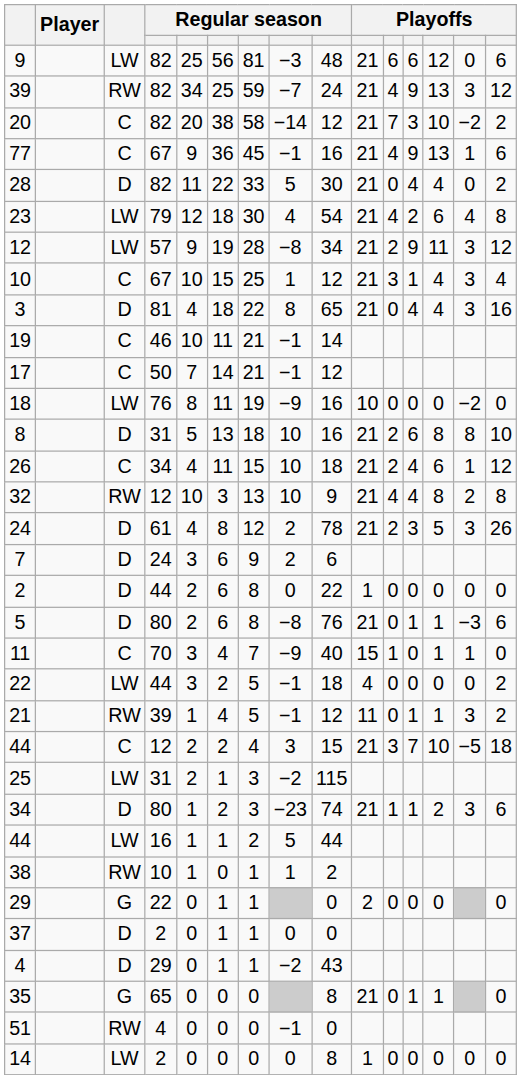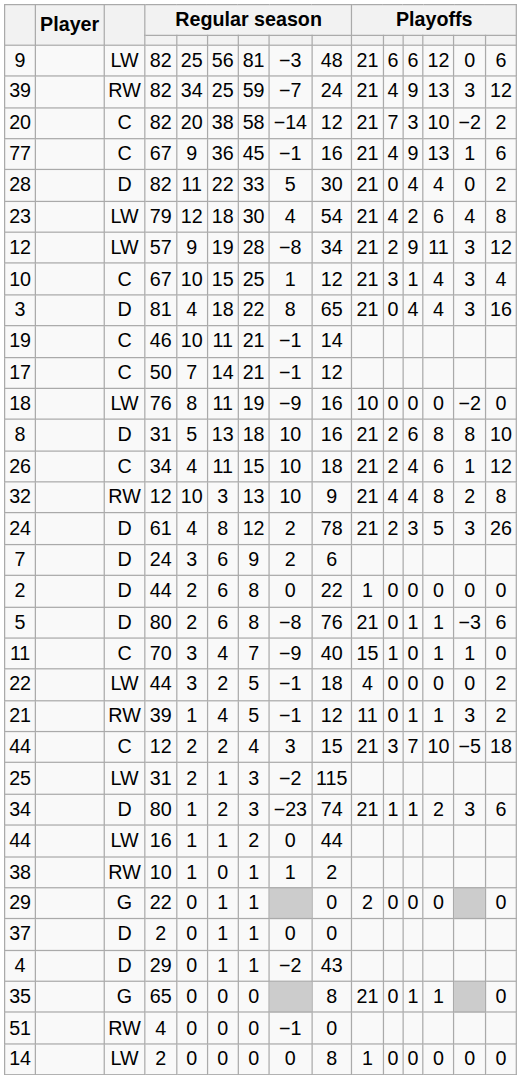 <table class="wikitable sortable plainrowheaders" style="text-align:center;">
 <tr>
 <th scope="col" data-sort-type="number" rowspan="2"></th>
 <th scope="col" rowspan="2">Player</th>
 <th scope="col" rowspan="2"></th>
 <th scope=colgroup colspan=6>Regular season</th>
 <th scope=colgroup colspan=6>Playoffs</th>
 </tr>
 <tr>
 <th scope="col" data-sort-type="number"></th>
 <th scope="col" data-sort-type="number"></th>
 <th scope="col" data-sort-type="number"></th>
 <th scope="col" data-sort-type="number"></th>
 <th scope="col" data-sort-type="number"></th>
 <th scope="col" data-sort-type="number"></th>
 <th scope="col" data-sort-type="number"></th>
 <th scope="col" data-sort-type="number"></th>
 <th scope="col" data-sort-type="number"></th>
 <th scope="col" data-sort-type="number"></th>
 <th scope="col" data-sort-type="number"></th>
 <th scope="col" data-sort-type="number"></th>
 </tr>
 <tr>
 <td scope="row">9</td>
 <td align="left"></td>
 <td>LW</td>
 <td>82</td>
 <td>25</td>
 <td>56</td>
 <td>81</td>
 <td>−3</td>
 <td>48</td>
 <td>21</td>
 <td>6</td>
 <td>6</td>
 <td>12</td>
 <td>0</td>
 <td>6</td>
 </tr>
 <tr>
 <td scope="row">39</td>
 <td align="left"></td>
 <td>RW</td>
 <td>82</td>
 <td>34</td>
 <td>25</td>
 <td>59</td>
 <td>−7</td>
 <td>24</td>
 <td>21</td>
 <td>4</td>
 <td>9</td>
 <td>13</td>
 <td>3</td>
 <td>12</td>
 </tr>
 <tr>
 <td scope="row">20</td>
 <td align="left"></td>
 <td>C</td>
 <td>82</td>
 <td>20</td>
 <td>38</td>
 <td>58</td>
 <td>−14</td>
 <td>12</td>
 <td>21</td>
 <td>7</td>
 <td>3</td>
 <td>10</td>
 <td>−2</td>
 <td>2</td>
 </tr>
 <tr>
 <td scope="row">77</td>
 <td align="left"></td>
 <td>C</td>
 <td>67</td>
 <td>9</td>
 <td>36</td>
 <td>45</td>
 <td>−1</td>
 <td>16</td>
 <td>21</td>
 <td>4</td>
 <td>9</td>
 <td>13</td>
 <td>1</td>
 <td>6</td>
 </tr>
 <tr>
 <td scope="row">28</td>
 <td align="left"></td>
 <td>D</td>
 <td>82</td>
 <td>11</td>
 <td>22</td>
 <td>33</td>
 <td>5</td>
 <td>30</td>
 <td>21</td>
 <td>0</td>
 <td>4</td>
 <td>4</td>
 <td>0</td>
 <td>2</td>
 </tr>
 <tr>
 <td scope="row">23</td>
 <td align="left"></td>
 <td>LW</td>
 <td>79</td>
 <td>12</td>
 <td>18</td>
 <td>30</td>
 <td>4</td>
 <td>54</td>
 <td>21</td>
 <td>4</td>
 <td>2</td>
 <td>6</td>
 <td>4</td>
 <td>8</td>
 </tr>
 <tr>
 <td scope="row">12</td>
 <td align="left"></td>
 <td>LW</td>
 <td>57</td>
 <td>9</td>
 <td>19</td>
 <td>28</td>
 <td>−8</td>
 <td>34</td>
 <td>21</td>
 <td>2</td>
 <td>9</td>
 <td>11</td>
 <td>3</td>
 <td>12</td>
 </tr>
 <tr>
 <td scope="row">10</td>
 <td align="left"></td>
 <td>C</td>
 <td>67</td>
 <td>10</td>
 <td>15</td>
 <td>25</td>
 <td>1</td>
 <td>12</td>
 <td>21</td>
 <td>3</td>
 <td>1</td>
 <td>4</td>
 <td>3</td>
 <td>4</td>
 </tr>
 <tr>
 <td scope="row">3</td>
 <td align="left"></td>
 <td>D</td>
 <td>81</td>
 <td>4</td>
 <td>18</td>
 <td>22</td>
 <td>8</td>
 <td>65</td>
 <td>21</td>
 <td>0</td>
 <td>4</td>
 <td>4</td>
 <td>3</td>
 <td>16</td>
 </tr>
 <tr>
 <td scope="row">19</td>
 <td align="left"></td>
 <td>C</td>
 <td>46</td>
 <td>10</td>
 <td>11</td>
 <td>21</td>
 <td>−1</td>
 <td>14</td>
 <td></td>
 <td></td>
 <td></td>
 <td></td>
 <td></td>
 <td></td>
 </tr>
 <tr>
 <td scope="row">17</td>
 <td align="left"></td>
 <td>C</td>
 <td>50</td>
 <td>7</td>
 <td>14</td>
 <td>21</td>
 <td>−1</td>
 <td>12</td>
 <td></td>
 <td></td>
 <td></td>
 <td></td>
 <td></td>
 <td></td>
 </tr>
 <tr>
 <td scope="row">18</td>
 <td align="left"></td>
 <td>LW</td>
 <td>76</td>
 <td>8</td>
 <td>11</td>
 <td>19</td>
 <td>−9</td>
 <td>16</td>
 <td>10</td>
 <td>0</td>
 <td>0</td>
 <td>0</td>
 <td>−2</td>
 <td>0</td>
 </tr>
 <tr>
 <td scope="row">8</td>
 <td align="left"></td>
 <td>D</td>
 <td>31</td>
 <td>5</td>
 <td>13</td>
 <td>18</td>
 <td>10</td>
 <td>16</td>
 <td>21</td>
 <td>2</td>
 <td>6</td>
 <td>8</td>
 <td>8</td>
 <td>10</td>
 </tr>
 <tr>
 <td scope="row">26</td>
 <td align="left"></td>
 <td>C</td>
 <td>34</td>
 <td>4</td>
 <td>11</td>
 <td>15</td>
 <td>10</td>
 <td>18</td>
 <td>21</td>
 <td>2</td>
 <td>4</td>
 <td>6</td>
 <td>1</td>
 <td>12</td>
 </tr>
 <tr>
 <td scope="row">32</td>
 <td align="left"></td>
 <td>RW</td>
 <td>12</td>
 <td>10</td>
 <td>3</td>
 <td>13</td>
 <td>10</td>
 <td>9</td>
 <td>21</td>
 <td>4</td>
 <td>4</td>
 <td>8</td>
 <td>2</td>
 <td>8</td>
 </tr>
 <tr>
 <td scope="row">24</td>
 <td align="left"></td>
 <td>D</td>
 <td>61</td>
 <td>4</td>
 <td>8</td>
 <td>12</td>
 <td>2</td>
 <td>78</td>
 <td>21</td>
 <td>2</td>
 <td>3</td>
 <td>5</td>
 <td>3</td>
 <td>26</td>
 </tr>
 <tr>
 <td scope="row">7</td>
 <td align="left"></td>
 <td>D</td>
 <td>24</td>
 <td>3</td>
 <td>6</td>
 <td>9</td>
 <td>2</td>
 <td>6</td>
 <td></td>
 <td></td>
 <td></td>
 <td></td>
 <td></td>
 <td></td>
 </tr>
 <tr>
 <td scope="row">2</td>
 <td align="left"></td>
 <td>D</td>
 <td>44</td>
 <td>2</td>
 <td>6</td>
 <td>8</td>
 <td>0</td>
 <td>22</td>
 <td>1</td>
 <td>0</td>
 <td>0</td>
 <td>0</td>
 <td>0</td>
 <td>0</td>
 </tr>
 <tr>
 <td scope="row">5</td>
 <td align="left"></td>
 <td>D</td>
 <td>80</td>
 <td>2</td>
 <td>6</td>
 <td>8</td>
 <td>−8</td>
 <td>76</td>
 <td>21</td>
 <td>0</td>
 <td>1</td>
 <td>1</td>
 <td>−3</td>
 <td>6</td>
 </tr>
 <tr>
 <td scope="row">11</td>
 <td align="left"></td>
 <td>C</td>
 <td>70</td>
 <td>3</td>
 <td>4</td>
 <td>7</td>
 <td>−9</td>
 <td>40</td>
 <td>15</td>
 <td>1</td>
 <td>0</td>
 <td>1</td>
 <td>1</td>
 <td>0</td>
 </tr>
 <tr>
 <td scope="row">22</td>
 <td align="left"></td>
 <td>LW</td>
 <td>44</td>
 <td>3</td>
 <td>2</td>
 <td>5</td>
 <td>−1</td>
 <td>18</td>
 <td>4</td>
 <td>0</td>
 <td>0</td>
 <td>0</td>
 <td>0</td>
 <td>2</td>
 </tr>
 <tr>
 <td scope="row">21</td>
 <td align="left"></td>
 <td>RW</td>
 <td>39</td>
 <td>1</td>
 <td>4</td>
 <td>5</td>
 <td>−1</td>
 <td>12</td>
 <td>11</td>
 <td>0</td>
 <td>1</td>
 <td>1</td>
 <td>3</td>
 <td>2</td>
 </tr>
 <tr>
 <td scope="row">44</td>
 <td align="left"></td>
 <td>C</td>
 <td>12</td>
 <td>2</td>
 <td>2</td>
 <td>4</td>
 <td>3</td>
 <td>15</td>
 <td>21</td>
 <td>3</td>
 <td>7</td>
 <td>10</td>
 <td>−5</td>
 <td>18</td>
 </tr>
 <tr>
 <td scope="row">25</td>
 <td align="left"></td>
 <td>LW</td>
 <td>31</td>
 <td>2</td>
 <td>1</td>
 <td>3</td>
 <td>−2</td>
 <td>115</td>
 <td></td>
 <td></td>
 <td></td>
 <td></td>
 <td></td>
 <td></td>
 </tr>
 <tr>
 <td scope="row">34</td>
 <td align="left"></td>
 <td>D</td>
 <td>80</td>
 <td>1</td>
 <td>2</td>
 <td>3</td>
 <td>−23</td>
 <td>74</td>
 <td>21</td>
 <td>1</td>
 <td>1</td>
 <td>2</td>
 <td>3</td>
 <td>6</td>
 </tr>
 <tr>
 <td scope="row">44</td>
 <td align="left"></td>
 <td>LW</td>
 <td>16</td>
 <td>1</td>
 <td>1</td>
 <td>2</td>
-<td>5</td>
+<td>0</td>
 <td>44</td>
 <td></td>
 <td></td>
 <td></td>
 <td></td>
 <td></td>
 <td></td>
 </tr>
 <tr>
 <td scope="row">38</td>
 <td align="left"></td>
 <td>RW</td>
 <td>10</td>
 <td>1</td>
 <td>0</td>
 <td>1</td>
 <td>1</td>
 <td>2</td>
 <td></td>
 <td></td>
 <td></td>
 <td></td>
 <td></td>
 <td></td>
 </tr>
 <tr>
 <td scope="row">29</td>
 <td align="left"></td>
 <td>G</td>
 <td>22</td>
 <td>0</td>
 <td>1</td>
 <td>1</td>
 <td style="background:#ccc"></td>
 <td>0</td>
 <td>2</td>
 <td>0</td>
 <td>0</td>
 <td>0</td>
 <td style="background:#ccc"></td>
 <td>0</td>
 </tr>
 <tr>
 <td scope="row">37</td>
 <td align="left"></td>
 <td>D</td>
 <td>2</td>
 <td>0</td>
 <td>1</td>
 <td>1</td>
 <td>0</td>
 <td>0</td>
 <td></td>
 <td></td>
 <td></td>
 <td></td>
 <td></td>
 <td></td>
 </tr>
 <tr>
 <td scope="row">4</td>
 <td align="left"></td>
 <td>D</td>
 <td>29</td>
 <td>0</td>
 <td>1</td>
 <td>1</td>
 <td>−2</td>
 <td>43</td>
 <td></td>
 <td></td>
 <td></td>
 <td></td>
 <td></td>
 <td></td>
 </tr>
 <tr>
 <td scope="row">35</td>
 <td align="left"></td>
 <td>G</td>
 <td>65</td>
 <td>0</td>
 <td>0</td>
 <td>0</td>
 <td style="background:#ccc"></td>
 <td>8</td>
 <td>21</td>
 <td>0</td>
 <td>1</td>
 <td>1</td>
 <td style="background:#ccc"></td>
 <td>0</td>
 </tr>
 <tr>
 <td scope="row">51</td>
 <td align="left"></td>
 <td>RW</td>
 <td>4</td>
 <td>0</td>
 <td>0</td>
 <td>0</td>
 <td>−1</td>
 <td>0</td>
 <td></td>
 <td></td>
 <td></td>
 <td></td>
 <td></td>
 <td></td>
 </tr>
 <tr>
 <td scope="row">14</td>
 <td align="left"></td>
 <td>LW</td>
 <td>2</td>
 <td>0</td>
 <td>0</td>
 <td>0</td>
 <td>0</td>
 <td>8</td>
 <td>1</td>
 <td>0</td>
 <td>0</td>
 <td>0</td>
 <td>0</td>
 <td>0</td>
 </tr>
 </table>
